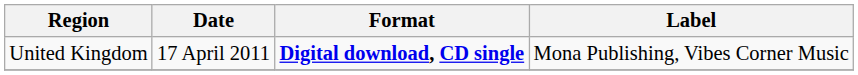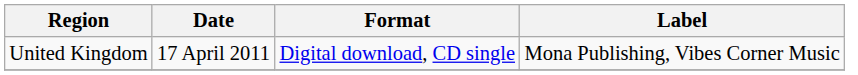 <table class=wikitable>
 <tr>
 <th>Region</th>
 <th>Date</th>
 <th>Format</th>
 <th>Label</th>
 </tr>
 <tr>
 <td>United Kingdom</td>
 <td>17 April 2011</td>
-<td><strong><a href='#'>Digital download</a>, <a href='#'>CD single</a></strong></td>
+<td><a href='#'>Digital download</a>, <a href='#'>CD single</a></td>
 <td>Mona Publishing, Vibes Corner Music</td>
 </tr>
 <tr>
 </tr>
 </table>
